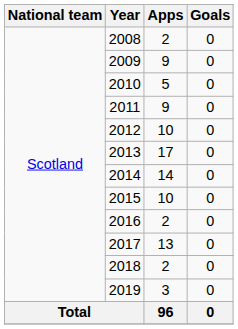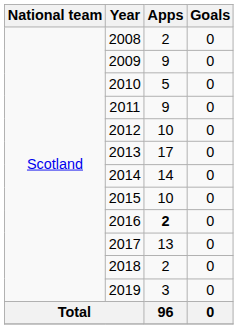 <table class=wikitable style="text-align:center">
 <tr>
 <th>National team</th>
 <th>Year</th>
 <th>Apps</th>
 <th>Goals</th>
 </tr>
 <tr>
 <td rowspan="12"><a href='#'>Scotland</a></td>
 <td>2008</td>
 <td>2</td>
 <td>0</td>
 </tr>
 <tr>
 <td>2009</td>
 <td>9</td>
 <td>0</td>
 </tr>
 <tr>
 <td>2010</td>
 <td>5</td>
 <td>0</td>
 </tr>
 <tr>
 <td>2011</td>
 <td>9</td>
 <td>0</td>
 </tr>
 <tr>
 <td>2012</td>
 <td>10</td>
 <td>0</td>
 </tr>
 <tr>
 <td>2013</td>
 <td>17</td>
 <td>0</td>
 </tr>
 <tr>
 <td>2014</td>
 <td>14</td>
 <td>0</td>
 </tr>
 <tr>
 <td>2015</td>
 <td>10</td>
 <td>0</td>
 </tr>
 <tr>
 <td>2016</td>
-<td>2</td>
+<td><strong>2</strong></td>
 <td>0</td>
 </tr>
 <tr>
 <td>2017</td>
 <td>13</td>
 <td>0</td>
 </tr>
 <tr>
 <td>2018</td>
 <td>2</td>
 <td>0</td>
 </tr>
 <tr>
 <td>2019</td>
 <td>3</td>
 <td>0</td>
 </tr>
 <tr>
 <th colspan=2>Total</th>
 <th>96</th>
 <th>0</th>
 </tr>
 <tr>
 </tr>
 </table>
